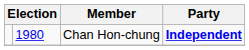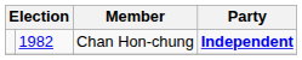 <table class="wikitable">
 <tr>
 <th colspan="2">Election</th>
 <th>Member</th>
 <th>Party</th>
 </tr>
 <tr>
 <td style="background-color:"></td>
-<td><a href='#'>1980</a></td>
+<td><a href='#'>1982</a></td>
 <td>Chan Hon-chung</td>
 <td><strong><a href='#'>Independent</a></strong></td>
 </tr>
 <tr>
 </tr>
 </table>
